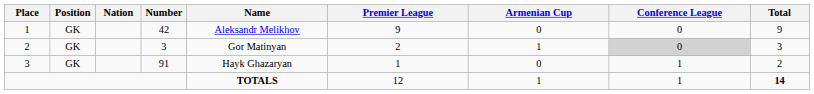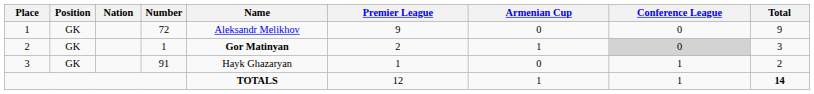 <table class="wikitable" style="font-size: 95%; text-align: center;">
 <tr>
 <th width=60>Place</th>
 <th width=60>Position</th>
 <th width=60>Nation</th>
 <th width=60>Number</th>
 <th width=200>Name</th>
 <th width=200><a href='#'>Premier League</a></th>
 <th width=200><a href='#'>Armenian Cup</a></th>
 <th width=200><a href='#'>Conference League</a></th>
 <th width=80><strong>Total</strong></th>
 </tr>
 <tr>
 <td>1</td>
 <td>GK</td>
 <td></td>
-<td>42</td>
+<td>72</td>
 <td><a href='#'>Aleksandr Melikhov</a></td>
 <td>9</td>
 <td>0</td>
 <td>0</td>
 <td>9</td>
 </tr>
 <tr>
 <td>2</td>
 <td>GK</td>
 <td></td>
-<td>3</td>
-<td>Gor Matinyan</td>
+<td>1</td>
+<td><strong>Gor Matinyan</strong></td>
 <td>2</td>
 <td>1</td>
 <td style="background: lightgrey;">0</td>
 <td>3</td>
 </tr>
 <tr>
 <td>3</td>
 <td>GK</td>
 <td></td>
 <td>91</td>
 <td>Hayk Ghazaryan</td>
 <td>1</td>
 <td>0</td>
 <td>1</td>
 <td>2</td>
 </tr>
 <tr>
 <td colspan="4"></td>
 <td><strong>TOTALS</strong></td>
 <td>12</td>
 <td>1</td>
 <td>1</td>
 <td><strong>14</strong></td>
 </tr>
 </table>
